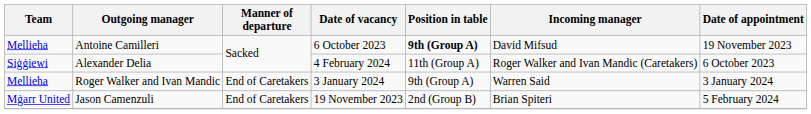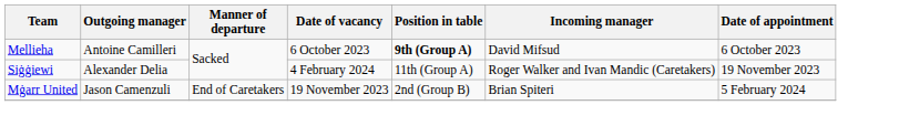 <table class="wikitable sortable">
 <tr>
 <th>Team</th>
 <th>Outgoing manager</th>
 <th>Manner of<br>departure</th>
 <th>Date of vacancy</th>
 <th>Position in table</th>
 <th>Incoming manager</th>
 <th>Date of appointment</th>
 </tr>
 <tr>
 <td><a href='#'>Mellieha</a></td>
 <td> Antoine Camilleri</td>
 <td rowspan="2">Sacked</td>
 <td>6 October 2023</td>
 <td><strong>9th (Group A)</strong></td>
 <td> David Mifsud</td>
-<td>19 November 2023</td>
+<td>6 October 2023</td>
 </tr>
 <tr>
 <td><a href='#'>Siġġiewi</a></td>
 <td> Alexander Delia</td>
 <td>4 February 2024</td>
 <td>11th (Group A)</td>
 <td> Roger Walker and  Ivan Mandic (Caretakers)</td>
-<td>6 October 2023</td>
-</tr>
-<tr>
-<td><a href='#'>Mellieha</a></td>
-<td> Roger Walker and  Ivan Mandic</td>
-<td>End of Caretakers</td>
-<td>3 January 2024</td>
-<td>9th (Group A)</td>
-<td> Warren Said</td>
-<td>3 January 2024</td>
+<td>19 November 2023</td>
 </tr>
 <tr>
 <td><a href='#'>Mġarr United</a></td>
 <td> Jason Camenzuli</td>
 <td>End of Caretakers</td>
 <td>19 November 2023</td>
 <td>2nd (Group B)</td>
 <td> Brian Spiteri</td>
 <td>5 February 2024</td>
 </tr>
 <tr>
 </tr>
 </table>
